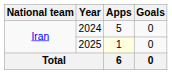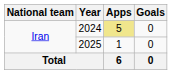 <table class="wikitable" style="text-align:center">
 <tr>
 <th>National team</th>
 <th>Year</th>
 <th>Apps</th>
 <th>Goals</th>
 </tr>
 <tr>
 <td rowspan="2"><a href='#'>Iran</a></td>
 <td>2024</td>
-<td>5</td>
+<td style="background: khaki;">5</td>
 <td>0</td>
 </tr>
 <tr>
 <td>2025</td>
-<td style="background: lightyellow;">1</td>
+<td>1</td>
 <td>0</td>
 </tr>
 <tr>
 <th colspan="2">Total</th>
 <th>6</th>
 <th>0</th>
 </tr>
 </table>
